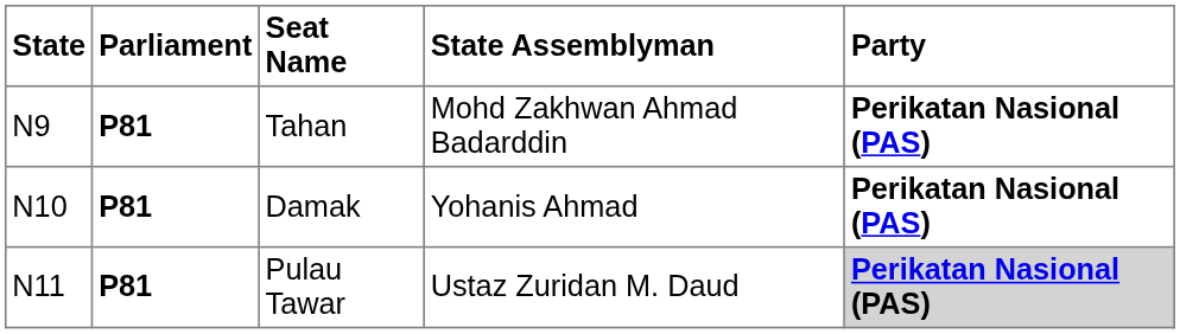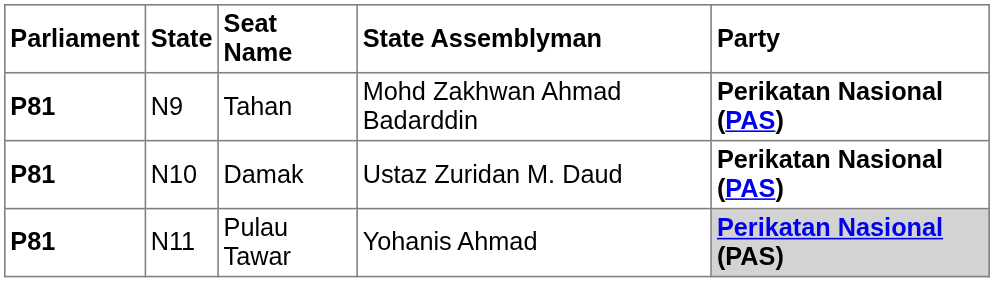 <table class="toccolours sortable" border="1" cellpadding="3" style="border-collapse:collapse; text-align: left;">
 <tr>
+<th align="center">Parliament</th>
 <th>State</th>
-<th align="center">Parliament</th>
 <th>Seat Name</th>
 <th>State Assemblyman</th>
 <th>Party</th>
 </tr>
 <tr>
+<th align="left">P81</th>
 <td>N9</td>
-<th align="left">P81</th>
 <td>Tahan</td>
 <td>Mohd Zakhwan Ahmad Badarddin</td>
 <td><strong> Perikatan Nasional (<a href='#'>PAS</a>)</strong></td>
 </tr>
 <tr>
+<th align="left">P81</th>
 <td>N10</td>
-<th align="left">P81</th>
 <td>Damak</td>
-<td>Yohanis Ahmad</td>
+<td>Ustaz Zuridan M. Daud</td>
 <td><strong>Perikatan Nasional (<a href='#'>PAS</a>)</strong></td>
 </tr>
 <tr>
+<th align="left">P81</th>
 <td>N11</td>
-<th align="left">P81</th>
 <td>Pulau Tawar</td>
-<td>Ustaz Zuridan M. Daud</td>
+<td>Yohanis Ahmad</td>
 <td style="background: lightgrey;"><strong><a href='#'>Perikatan Nasional</a> (PAS)</strong></td>
 </tr>
 </table>
